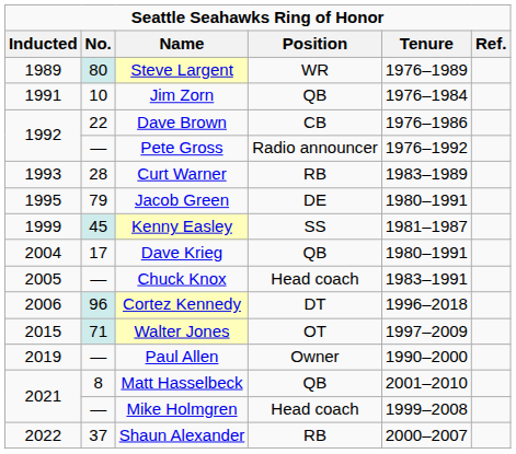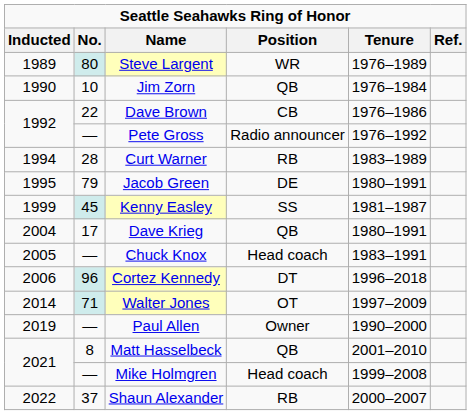 <table class="wikitable sortable" style="text-align:center">
 <tr>
 <td colspan="6"><strong>Seattle Seahawks Ring of Honor</strong></td>
 </tr>
 <tr>
 <th scope="col">Inducted</th>
 <th scope="col">No.</th>
 <th scope="col">Name</th>
 <th scope="col">Position</th>
 <th scope="col">Tenure</th>
 <th scope="col" class="unsortable">Ref.<br></th>
 </tr>
 <tr>
 <td>1989</td>
 <td style="background:#cfecec;">80</td>
 <td style="background:#ffb"><a href='#'>Steve Largent</a></td>
 <td>WR</td>
 <td>1976–1989</td>
 <td></td>
 </tr>
 <tr>
-<td>1991</td>
+<td>1990</td>
 <td>10</td>
 <td><a href='#'>Jim Zorn</a></td>
 <td>QB</td>
 <td>1976–1984</td>
 <td></td>
 </tr>
 <tr>
 <td rowspan=2>1992</td>
 <td>22</td>
 <td><a href='#'>Dave Brown</a></td>
 <td>CB</td>
 <td>1976–1986</td>
 <td></td>
 </tr>
 <tr>
 <td>—</td>
 <td><a href='#'>Pete Gross</a></td>
 <td>Radio announcer</td>
 <td>1976–1992</td>
 <td></td>
 </tr>
 <tr>
-<td>1993</td>
+<td>1994</td>
 <td>28</td>
 <td><a href='#'>Curt Warner</a></td>
 <td>RB</td>
 <td>1983–1989</td>
 <td></td>
 </tr>
 <tr>
 <td>1995</td>
 <td>79</td>
 <td><a href='#'>Jacob Green</a></td>
 <td>DE</td>
 <td>1980–1991</td>
 <td></td>
 </tr>
 <tr>
 <td>1999</td>
 <td style="background:#cfecec;">45</td>
 <td style="background:#ffb"><a href='#'>Kenny Easley</a></td>
 <td>SS</td>
 <td>1981–1987</td>
 <td></td>
 </tr>
 <tr>
 <td>2004</td>
 <td>17</td>
 <td><a href='#'>Dave Krieg</a></td>
 <td>QB</td>
 <td>1980–1991</td>
 <td></td>
 </tr>
 <tr>
 <td>2005</td>
 <td>—</td>
 <td><a href='#'>Chuck Knox</a></td>
 <td>Head coach</td>
 <td>1983–1991</td>
 <td></td>
 </tr>
 <tr>
 <td>2006</td>
 <td style="background:#cfecec;">96</td>
 <td style="background:#ffb"><a href='#'>Cortez Kennedy</a></td>
 <td>DT</td>
 <td>1996–2018</td>
 <td></td>
 </tr>
 <tr>
-<td>2015</td>
+<td>2014</td>
 <td style="background:#cfecec;">71</td>
 <td style="background:#ffb"><a href='#'>Walter Jones</a></td>
 <td>OT</td>
 <td>1997–2009</td>
 <td></td>
 </tr>
 <tr>
 <td>2019</td>
 <td>—</td>
 <td><a href='#'>Paul Allen</a></td>
 <td>Owner</td>
 <td>1990–2000</td>
 <td></td>
 </tr>
 <tr>
 <td rowspan=2>2021</td>
 <td>8</td>
 <td><a href='#'>Matt Hasselbeck</a></td>
 <td>QB</td>
 <td>2001–2010</td>
 <td></td>
 </tr>
 <tr>
 <td>—</td>
 <td><a href='#'>Mike Holmgren</a></td>
 <td>Head coach</td>
 <td>1999–2008</td>
 <td></td>
 </tr>
 <tr>
 <td>2022</td>
 <td>37</td>
 <td><a href='#'>Shaun Alexander</a></td>
 <td>RB</td>
 <td>2000–2007</td>
 <td></td>
 </tr>
 </table>
